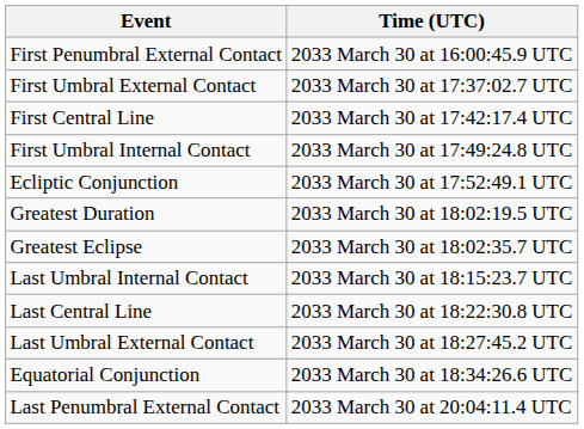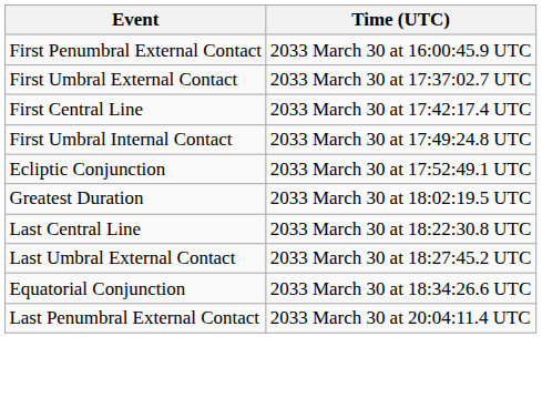 <table class="wikitable">
 <tr>
 <th>Event</th>
 <th>Time (UTC)</th>
 </tr>
 <tr>
 <td>First Penumbral External Contact</td>
 <td>2033 March 30 at 16:00:45.9 UTC</td>
 </tr>
 <tr>
 <td>First Umbral External Contact</td>
 <td>2033 March 30 at 17:37:02.7 UTC</td>
 </tr>
 <tr>
 <td>First Central Line</td>
 <td>2033 March 30 at 17:42:17.4 UTC</td>
 </tr>
 <tr>
 <td>First Umbral Internal Contact</td>
 <td>2033 March 30 at 17:49:24.8 UTC</td>
 </tr>
 <tr>
 <td>Ecliptic Conjunction</td>
 <td>2033 March 30 at 17:52:49.1 UTC</td>
 </tr>
 <tr>
 <td>Greatest Duration</td>
 <td>2033 March 30 at 18:02:19.5 UTC</td>
 </tr>
 <tr>
-<td>Greatest Eclipse</td>
-<td>2033 March 30 at 18:02:35.7 UTC</td>
-</tr>
-<tr>
-<td>Last Umbral Internal Contact</td>
-<td>2033 March 30 at 18:15:23.7 UTC</td>
-</tr>
-<tr>
 <td>Last Central Line</td>
 <td>2033 March 30 at 18:22:30.8 UTC</td>
 </tr>
 <tr>
 <td>Last Umbral External Contact</td>
 <td>2033 March 30 at 18:27:45.2 UTC</td>
 </tr>
 <tr>
 <td>Equatorial Conjunction</td>
 <td>2033 March 30 at 18:34:26.6 UTC</td>
 </tr>
 <tr>
 <td>Last Penumbral External Contact</td>
 <td>2033 March 30 at 20:04:11.4 UTC</td>
 </tr>
 </table>
